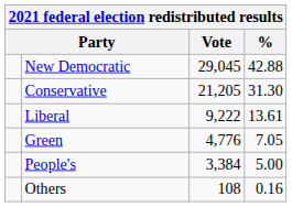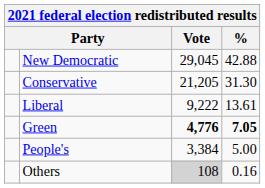 <table class="wikitable">
 <tr>
 <th colspan="4"><a href='#'>2021 federal election</a> redistributed results</th>
 </tr>
 <tr>
 <th bgcolor="#DDDDFF" width="130px" colspan="2">Party</th>
 <th bgcolor="#DDDDFF" width="50px">Vote</th>
 <th bgcolor="#DDDDFF" width="30px">%</th>
 </tr>
 <tr>
 <td> </td>
 <td><a href='#'>New Democratic</a></td>
 <td align=right>29,045</td>
 <td align=right>42.88</td>
 </tr>
 <tr>
 <td> </td>
 <td><a href='#'>Conservative</a></td>
 <td align=right>21,205</td>
 <td align=right>31.30</td>
 </tr>
 <tr>
 <td> </td>
 <td><a href='#'>Liberal</a></td>
 <td align=right>9,222</td>
 <td align=right>13.61</td>
 </tr>
 <tr>
 <td> </td>
 <td><a href='#'>Green</a></td>
-<td align=right>4,776</td>
-<td align=right>7.05</td>
+<td align=right><strong>4,776</strong></td>
+<td align=right><strong>7.05</strong></td>
 </tr>
 <tr>
 <td> </td>
 <td><a href='#'>People's</a></td>
 <td align=right>3,384</td>
 <td align=right>5.00</td>
 </tr>
 <tr>
 <td> </td>
 <td>Others</td>
-<td align=right>108</td>
+<td align=right style="background: lightgrey;">108</td>
 <td align=right>0.16</td>
 </tr>
 </table>
